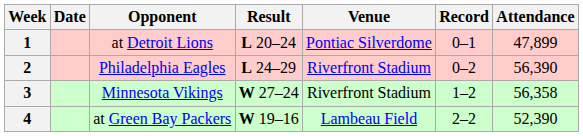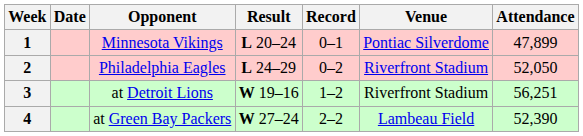 <table class="wikitable" style="text-align:center">
 <tr>
 <th>Week</th>
 <th>Date</th>
 <th>Opponent</th>
 <th>Result</th>
+<th>Record</th>
 <th>Venue</th>
-<th>Record</th>
 <th>Attendance</th>
 </tr>
 <tr style="background:#fcc">
 <th>1</th>
 <td></td>
-<td>at <a href='#'>Detroit Lions</a></td>
+<td><a href='#'>Minnesota Vikings</a></td>
 <td><strong>L</strong> 20–24</td>
+<td>0–1</td>
 <td><a href='#'>Pontiac Silverdome</a></td>
-<td>0–1</td>
 <td>47,899</td>
 </tr>
 <tr style="background:#fcc">
 <th>2</th>
 <td></td>
 <td><a href='#'>Philadelphia Eagles</a></td>
 <td><strong>L</strong> 24–29</td>
+<td>0–2</td>
 <td><a href='#'>Riverfront Stadium</a></td>
-<td>0–2</td>
-<td>56,390</td>
+<td>52,050</td>
 </tr>
 <tr style="background:#cfc">
 <th>3</th>
 <td></td>
-<td><a href='#'>Minnesota Vikings</a></td>
-<td><strong>W</strong> 27–24 </td>
+<td>at <a href='#'>Detroit Lions</a></td>
+<td><strong>W</strong> 19–16 </td>
+<td>1–2</td>
 <td>Riverfront Stadium</td>
-<td>1–2</td>
-<td>56,358</td>
+<td>56,251</td>
 </tr>
 <tr style="background:#cfc">
 <th>4</th>
 <td></td>
 <td>at <a href='#'>Green Bay Packers</a></td>
-<td><strong>W</strong> 19–16 </td>
+<td><strong>W</strong> 27–24 </td>
+<td>2–2</td>
 <td><a href='#'>Lambeau Field</a></td>
-<td>2–2</td>
 <td>52,390</td>
 </tr>
 </table>
